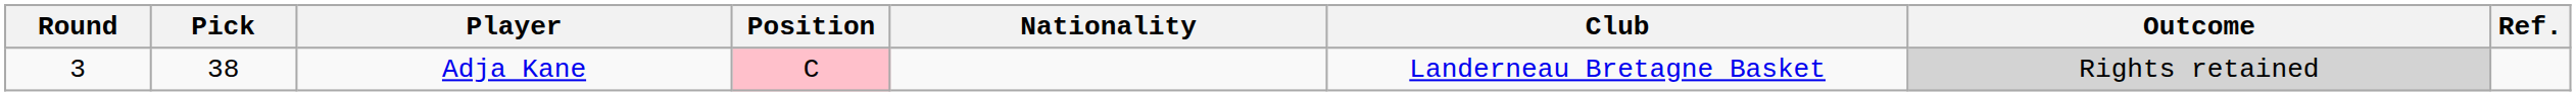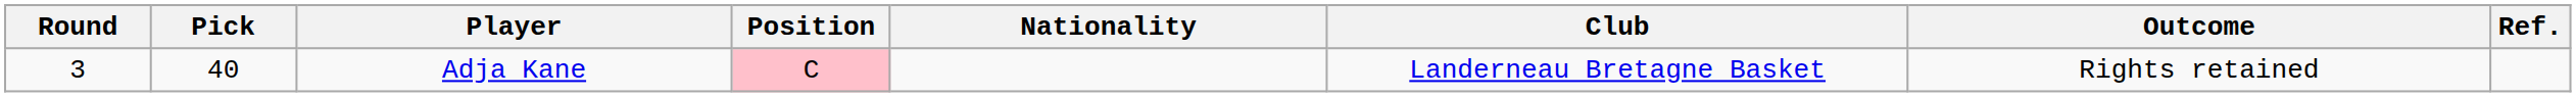 <table class="wikitable sortable sortable" style="text-align: center">
 <tr>
 <th width="5%">Round</th>
 <th width="5%">Pick</th>
 <th width="15%">Player</th>
 <th width="5%">Position</th>
 <th width="15%">Nationality</th>
 <th width="20%">Club</th>
 <th width="20%">Outcome</th>
 <th width="1%">Ref.</th>
 </tr>
 <tr>
 <td>3</td>
-<td>38</td>
+<td>40</td>
 <td><a href='#'>Adja Kane</a></td>
 <td style="background: pink;">C</td>
 <td></td>
 <td><a href='#'>Landerneau Bretagne Basket</a></td>
-<td style="background: lightgrey;">Rights retained</td>
+<td>Rights retained</td>
 <td></td>
 </tr>
 </table>
